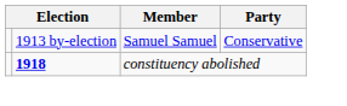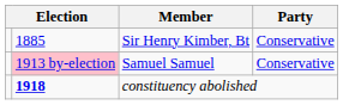 <table class="wikitable">
 <tr>
 <th colspan="2">Election</th>
 <th>Member </th>
 <th>Party</th>
 </tr>
 <tr>
 <td style="color:inherit;background-color: "></td>
-<td><a href='#'>1913 by-election</a></td>
+<td><a href='#'>1885</a></td>
+<td><a href='#'>Sir Henry Kimber, Bt</a></td>
+<td><a href='#'>Conservative</a></td>
+</tr>
+<tr>
+<td style="color:inherit;background-color: "></td>
+<td style="background: pink;"><a href='#'>1913 by-election</a></td>
 <td><a href='#'>Samuel Samuel</a></td>
 <td><a href='#'>Conservative</a></td>
 </tr>
 <tr>
 <td></td>
 <td><strong><a href='#'>1918</a></strong></td>
 <td colspan="2"><em>constituency abolished</em></td>
 </tr>
 </table>
